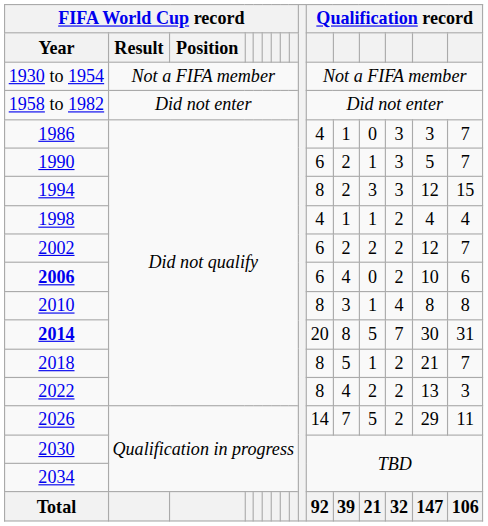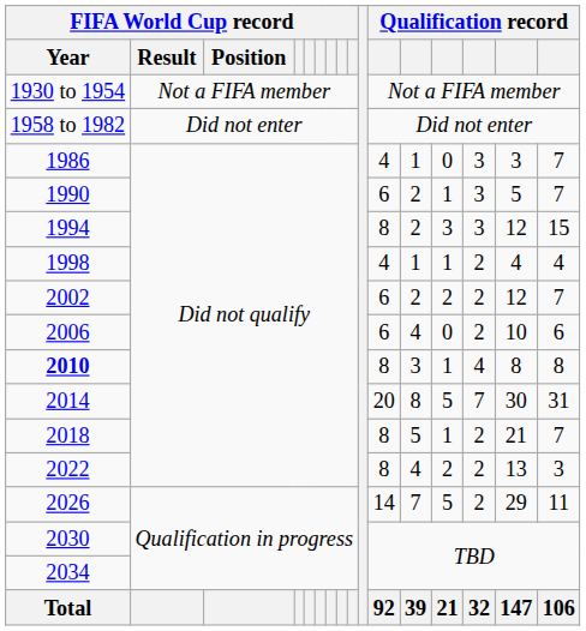 <table class="wikitable" style="text-align: center;">
 <tr>
 <th colspan=9><a href='#'>FIFA World Cup</a> record</th>
 <th rowspan=39></th>
 <th colspan=6><a href='#'>Qualification</a> record</th>
 </tr>
 <tr>
 <th>Year</th>
 <th>Result</th>
 <th>Position</th>
 <th></th>
 <th></th>
 <th></th>
 <th></th>
 <th></th>
 <th></th>
 <th></th>
 <th></th>
 <th></th>
 <th></th>
 <th></th>
 <th></th>
 </tr>
 <tr>
 <td><a href='#'>1930</a> to <a href='#'>1954</a></td>
 <td colspan=8><em>Not a FIFA member</em></td>
 <td colspan=6><em>Not a FIFA member</em></td>
 </tr>
 <tr>
 <td><a href='#'>1958</a> to <a href='#'>1982</a></td>
 <td colspan=8><em>Did not enter</em></td>
 <td colspan=6><em>Did not enter</em></td>
 </tr>
 <tr>
 <td> <a href='#'>1986</a></td>
 <td colspan=8 rowspan=10><em>Did not qualify</em></td>
 <td>4</td>
 <td>1</td>
 <td>0</td>
 <td>3</td>
 <td>3</td>
 <td>7</td>
 </tr>
 <tr>
 <td> <a href='#'>1990</a></td>
 <td>6</td>
 <td>2</td>
 <td>1</td>
 <td>3</td>
 <td>5</td>
 <td>7</td>
 </tr>
 <tr>
 <td> <a href='#'>1994</a></td>
 <td>8</td>
 <td>2</td>
 <td>3</td>
 <td>3</td>
 <td>12</td>
 <td>15</td>
 </tr>
 <tr>
 <td> <a href='#'>1998</a></td>
 <td>4</td>
 <td>1</td>
 <td>1</td>
 <td>2</td>
 <td>4</td>
 <td>4</td>
 </tr>
 <tr>
 <td>  <a href='#'>2002</a></td>
 <td>6</td>
 <td>2</td>
 <td>2</td>
 <td>2</td>
 <td>12</td>
 <td>7</td>
 </tr>
 <tr>
-<td><strong> <a href='#'>2006</a></strong></td>
+<td> <a href='#'>2006</a></td>
 <td>6</td>
 <td>4</td>
 <td>0</td>
 <td>2</td>
 <td>10</td>
 <td>6</td>
 </tr>
 <tr>
-<td> <a href='#'>2010</a></td>
+<td><strong> <a href='#'>2010</a></strong></td>
 <td>8</td>
 <td>3</td>
 <td>1</td>
 <td>4</td>
 <td>8</td>
 <td>8</td>
 </tr>
 <tr>
-<td><strong> <a href='#'>2014</a></strong></td>
+<td> <a href='#'>2014</a></td>
 <td>20</td>
 <td>8</td>
 <td>5</td>
 <td>7</td>
 <td>30</td>
 <td>31</td>
 </tr>
 <tr>
 <td> <a href='#'>2018</a></td>
 <td>8</td>
 <td>5</td>
 <td>1</td>
 <td>2</td>
 <td>21</td>
 <td>7</td>
 </tr>
 <tr>
 <td> <a href='#'>2022</a></td>
 <td>8</td>
 <td>4</td>
 <td>2</td>
 <td>2</td>
 <td>13</td>
 <td>3</td>
 </tr>
 <tr>
 <td>   <a href='#'>2026</a></td>
 <td colspan=8 rowspan=3><em>Qualification in progress</em></td>
 <td>14</td>
 <td>7</td>
 <td>5</td>
 <td>2</td>
 <td>29</td>
 <td>11</td>
 </tr>
 <tr>
 <td>   <a href='#'>2030</a></td>
 <td colspan=6 rowspan=2><em>TBD</em></td>
 </tr>
 <tr>
 <td> <a href='#'>2034</a></td>
 </tr>
 <tr>
 <th>Total</th>
 <th></th>
 <th></th>
 <th></th>
 <th></th>
 <th></th>
 <th></th>
 <th></th>
 <th></th>
 <th>92</th>
 <th>39</th>
 <th>21</th>
 <th>32</th>
 <th>147</th>
 <th>106</th>
 </tr>
 </table>
